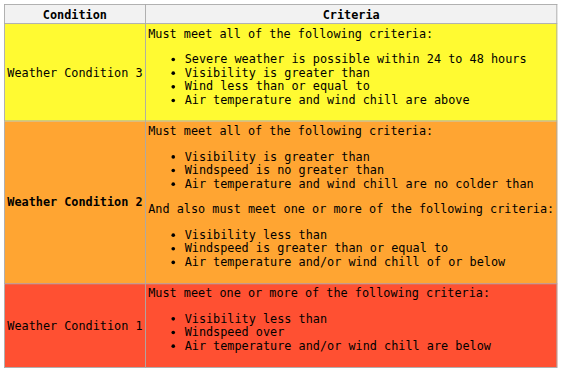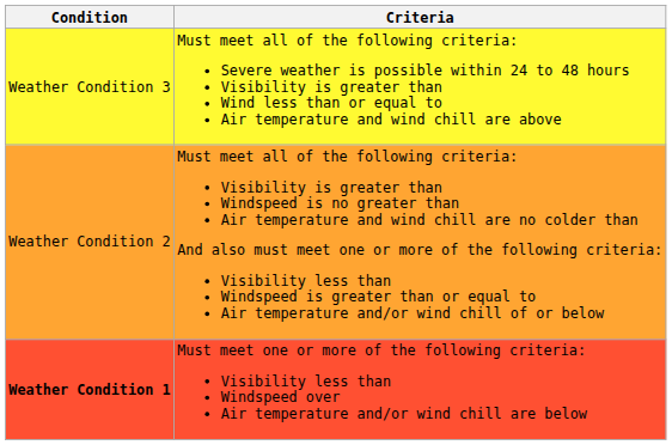 <table class="wikitable" border="1">
 <tr>
 <th>Condition</th>
 <th>Criteria</th>
 </tr>
 <tr>
 <td style="background: rgb(350,250,50)">Weather Condition 3</td>
 <td style="background: rgb(350,250,50)">Must meet all of the following criteria:<br><ul><li>Severe weather is possible within 24 to 48 hours</li><li>Visibility is greater than </li><li>Wind less than or equal to </li><li>Air temperature and wind chill are above </li></ul></td>
 </tr>
 <tr>
-<td style="background: rgb(350,165,50)"><strong>Weather Condition 2</strong></td>
+<td style="background: rgb(350,165,50)">Weather Condition 2</td>
 <td style="background: rgb(350,165,50)">Must meet all of the following criteria:<br><ul><li>Visibility is greater than </li><li>Windspeed is no greater than </li><li>Air temperature and wind chill are no colder than </li></ul>And also must meet one or more of the following criteria:<ul><li>Visibility less than </li><li>Windspeed is greater than or equal to </li><li>Air temperature and/or wind chill of  or below</li></ul></td>
 </tr>
 <tr>
-<td style="background: rgb(350,80,50)">Weather Condition 1</td>
+<td style="background: rgb(350,80,50)"><strong>Weather Condition 1</strong></td>
 <td style="background: rgb(350,80,50)">Must meet one or more of the following criteria:<br><ul><li>Visibility less than </li><li>Windspeed over </li><li>Air temperature and/or wind chill are below </li></ul></td>
 </tr>
 </table>
